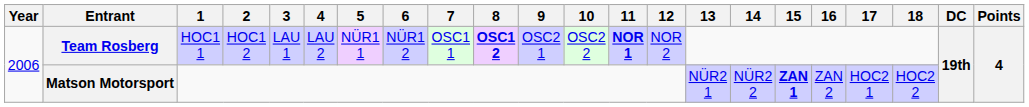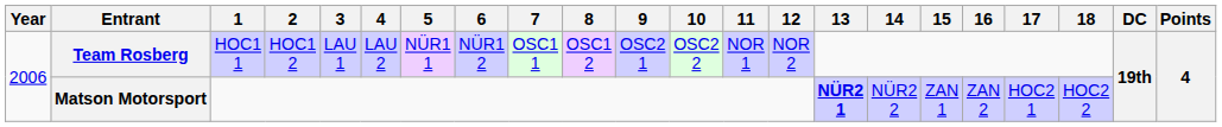 <table class="wikitable" style="text-align:center; font-size:85%">
 <tr>
 <th>Year</th>
 <th>Entrant</th>
 <th>1</th>
 <th>2</th>
 <th>3</th>
 <th>4</th>
 <th>5</th>
 <th>6</th>
 <th>7</th>
 <th>8</th>
 <th>9</th>
 <th>10</th>
 <th>11</th>
 <th>12</th>
 <th>13</th>
 <th>14</th>
 <th>15</th>
 <th>16</th>
 <th>17</th>
 <th>18</th>
 <th>DC</th>
 <th>Points</th>
 </tr>
 <tr>
 <td rowspan=2><a href='#'>2006</a></td>
 <th nowrap><a href='#'>Team Rosberg</a></th>
 <td style="background:#CFCFFF;"><a href='#'>HOC1<br>1</a><br></td>
 <td style="background:#CFCFFF;"><a href='#'>HOC1<br>2</a><br></td>
 <td style="background:#CFCFFF;"><a href='#'>LAU<br>1</a><br></td>
 <td style="background:#CFCFFF;"><a href='#'>LAU<br>2</a><br></td>
 <td style="background:#EFCFFF;"><a href='#'>NÜR1<br>1</a><br></td>
 <td style="background:#CFCFFF;"><a href='#'>NÜR1<br>2</a><br></td>
 <td style="background:#DFFFDF;"><a href='#'>OSC1<br>1</a><br></td>
-<td style="background:#EFCFFF;"><strong><a href='#'>OSC1<br>2</a><br></strong></td>
+<td style="background:#EFCFFF;"><a href='#'>OSC1<br>2</a><br></td>
 <td style="background:#CFCFFF;"><a href='#'>OSC2<br>1</a><br></td>
 <td style="background:#DFFFDF;"><a href='#'>OSC2<br>2</a><br></td>
-<td style="background:#CFCFFF;"><strong><a href='#'>NOR<br>1</a><br></strong></td>
+<td style="background:#CFCFFF;"><a href='#'>NOR<br>1</a><br></td>
 <td style="background:#CFCFFF;"><a href='#'>NOR<br>2</a><br></td>
 <td colspan=6></td>
 <th rowspan=2>19th</th>
 <th rowspan=2>4</th>
 </tr>
 <tr>
 <th nowrap>Matson Motorsport</th>
 <td colspan=12></td>
-<td style="background:#CFCFFF;"><a href='#'>NÜR2<br>1</a><br></td>
+<td style="background:#CFCFFF;"><strong><a href='#'>NÜR2<br>1</a><br></strong></td>
 <td style="background:#CFCFFF;"><a href='#'>NÜR2<br>2</a><br></td>
-<td style="background:#CFCFFF;"><strong><a href='#'>ZAN<br>1</a><br></strong></td>
+<td style="background:#CFCFFF;"><a href='#'>ZAN<br>1</a><br></td>
 <td style="background:#CFCFFF;"><a href='#'>ZAN<br>2</a><br></td>
 <td style="background:#CFCFFF;"><a href='#'>HOC2<br>1</a><br></td>
 <td style="background:#CFCFFF;"><a href='#'>HOC2<br>2</a><br></td>
 </tr>
 </table>
